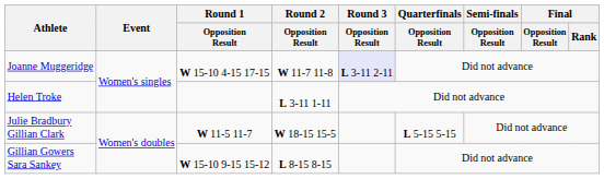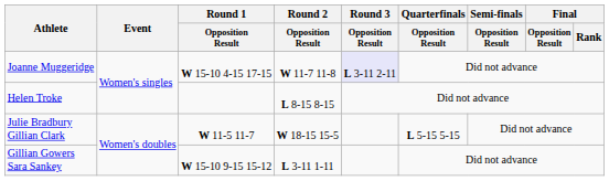 <table class=wikitable style="font-size:90%">
 <tr>
 <th rowspan="2">Athlete</th>
 <th rowspan="2">Event</th>
 <th>Round 1</th>
 <th>Round 2</th>
 <th>Round 3</th>
 <th>Quarterfinals</th>
 <th>Semi-finals</th>
 <th colspan="2">Final</th>
 </tr>
 <tr>
 <th style="line-height:1em"><small>Opposition<br>Result</small></th>
 <th style="line-height:1em"><small>Opposition<br>Result</small></th>
 <th style="line-height:1em"><small>Opposition<br>Result</small></th>
 <th style="line-height:1em"><small>Opposition<br>Result</small></th>
 <th style="line-height:1em"><small>Opposition<br>Result</small></th>
 <th style="line-height:1em"><small>Opposition<br>Result</small></th>
 <th>Rank</th>
 </tr>
 <tr>
 <td><a href='#'>Joanne Muggeridge</a></td>
 <td rowspan=2><a href='#'>Women's singles</a></td>
 <td style="text-align:center"><br><strong>W</strong> 15-10 4-15 17-15</td>
 <td style="text-align:center"><br><strong>W</strong> 11-7 11-8</td>
 <td style="background: lavender; text-align:center"><br><strong>L</strong> 3-11 2-11</td>
 <td colspan=4 style="text-align:center">Did not advance</td>
 </tr>
 <tr>
 <td><a href='#'>Helen Troke</a></td>
 <td></td>
-<td style="text-align:center"><br><strong>L</strong> 3-11 1-11</td>
+<td style="text-align:center"><br><strong>L</strong> 8-15 8-15</td>
 <td colspan=6 style="text-align:center">Did not advance</td>
 </tr>
 <tr>
 <td><a href='#'>Julie Bradbury</a><br><a href='#'>Gillian Clark</a></td>
 <td rowspan=2><a href='#'>Women's doubles</a></td>
 <td style="text-align:center"><br><strong>W</strong> 11-5 11-7</td>
 <td style="text-align:center"><br><strong>W</strong> 18-15 15-5</td>
 <td></td>
 <td style="text-align:center"><br><strong>L</strong> 5-15 5-15</td>
 <td colspan=3 style="text-align:center">Did not advance</td>
 </tr>
 <tr>
 <td><a href='#'>Gillian Gowers</a><br><a href='#'>Sara Sankey</a></td>
 <td style="text-align:center"><br><strong>W</strong> 15-10 9-15 15-12</td>
-<td style="text-align:center"><br><strong>L</strong> 8-15 8-15</td>
+<td style="text-align:center"><br><strong>L</strong> 3-11 1-11</td>
 <td></td>
 <td colspan=4 style="text-align:center">Did not advance</td>
 </tr>
 </table>
